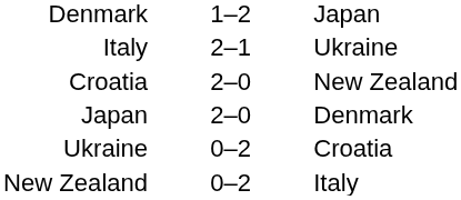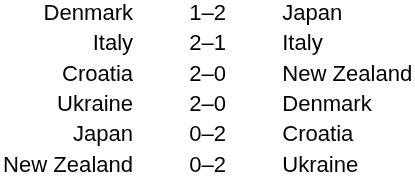 <table style="text-align:center">
 <tr>
 <th width=200></th>
 <th width=100></th>
 <th width=200></th>
 </tr>
 <tr>
 <td align=right>Denmark</td>
 <td>1–2</td>
 <td align=left>Japan</td>
 </tr>
 <tr>
 <td align=right>Italy</td>
 <td>2–1</td>
-<td align=left>Ukraine</td>
+<td align=left>Italy</td>
 </tr>
 <tr>
 <td align=right>Croatia</td>
 <td>2–0</td>
 <td align=left>New Zealand</td>
 </tr>
 <tr>
-<td align=right>Japan</td>
+<td align=right>Ukraine</td>
 <td>2–0</td>
 <td align=left>Denmark</td>
 </tr>
 <tr>
-<td align=right>Ukraine</td>
+<td align=right>Japan</td>
 <td>0–2</td>
 <td align=left>Croatia</td>
 </tr>
 <tr>
 <td align=right>New Zealand</td>
 <td>0–2</td>
-<td align=left>Italy</td>
+<td align=left>Ukraine</td>
 </tr>
 <tr>
 </tr>
 </table>
